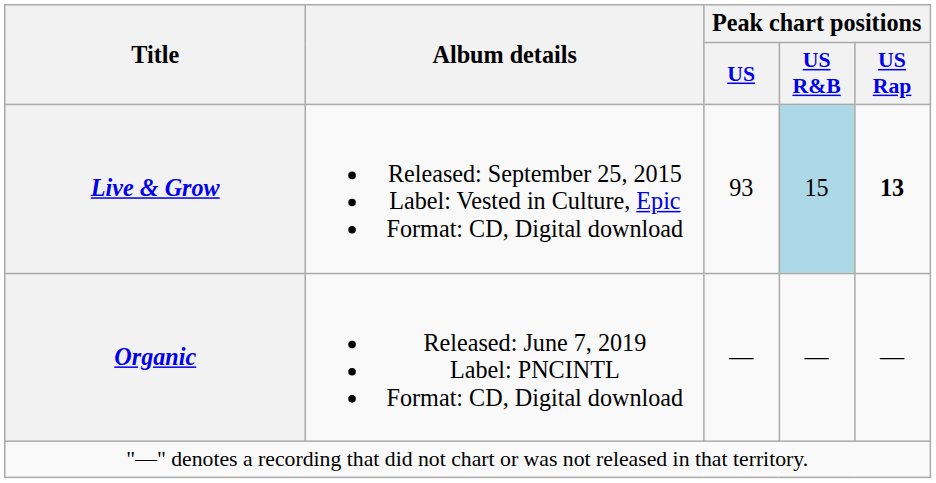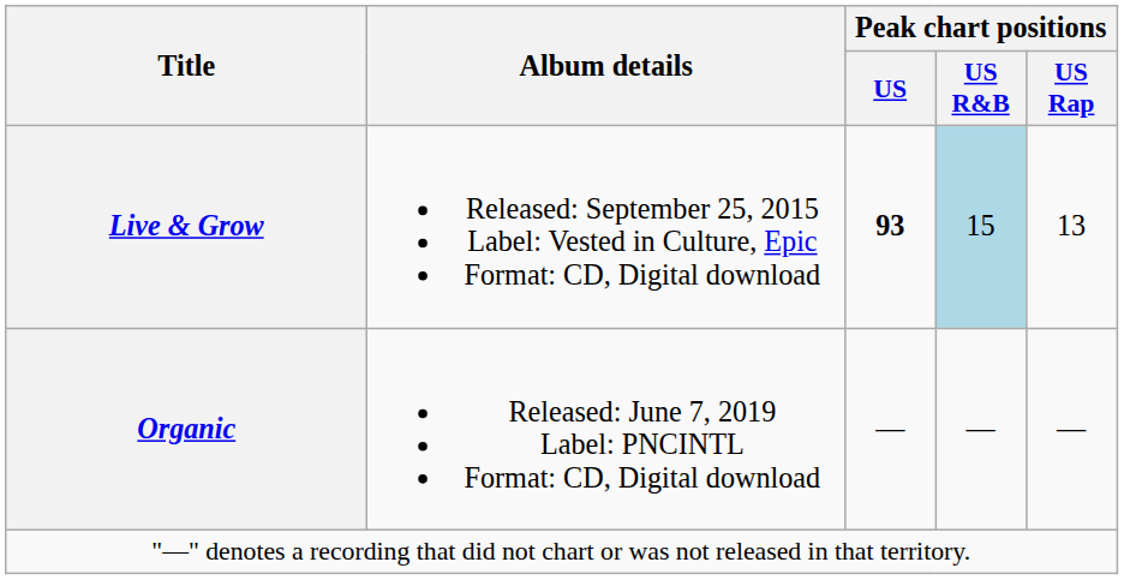 <table class="wikitable plainrowheaders" style="text-align:center;">
 <tr>
 <th scope="col" rowspan="2" style="width:12em;">Title</th>
 <th scope="col" rowspan="2" style="width:16em;">Album details</th>
 <th scope="col" colspan="3">Peak chart positions</th>
 </tr>
 <tr>
 <th style="width:3em; font-size:90%"><a href='#'>US</a></th>
 <th style="width:3em; font-size:90%"><a href='#'>US R&B</a></th>
 <th style="width:3em; font-size:90%"><a href='#'>US Rap</a></th>
 </tr>
 <tr>
 <th scope="row"><em><a href='#'>Live & Grow</a></em></th>
 <td><br><ul><li>Released: September 25, 2015</li><li>Label: Vested in Culture, <a href='#'>Epic</a></li><li>Format: CD, Digital download</li></ul></td>
-<td>93</td>
+<td><strong>93</strong></td>
 <td style="background: lightblue;">15</td>
-<td><strong>13</strong></td>
+<td>13</td>
 </tr>
 <tr>
 <th scope="row"><em><a href='#'>Organic</a></em></th>
 <td><br><ul><li>Released: June 7, 2019</li><li>Label: PNCINTL</li><li>Format: CD, Digital download</li></ul></td>
 <td>—</td>
 <td>—</td>
 <td>—</td>
 </tr>
 <tr>
 <td colspan="8" style="font-size:90%">"—" denotes a recording that did not chart or was not released in that territory.</td>
 </tr>
 </table>
